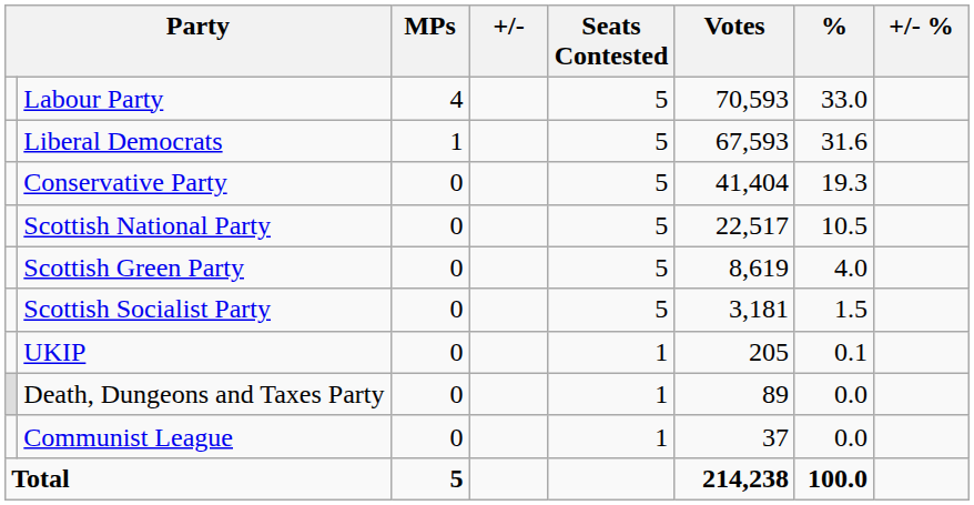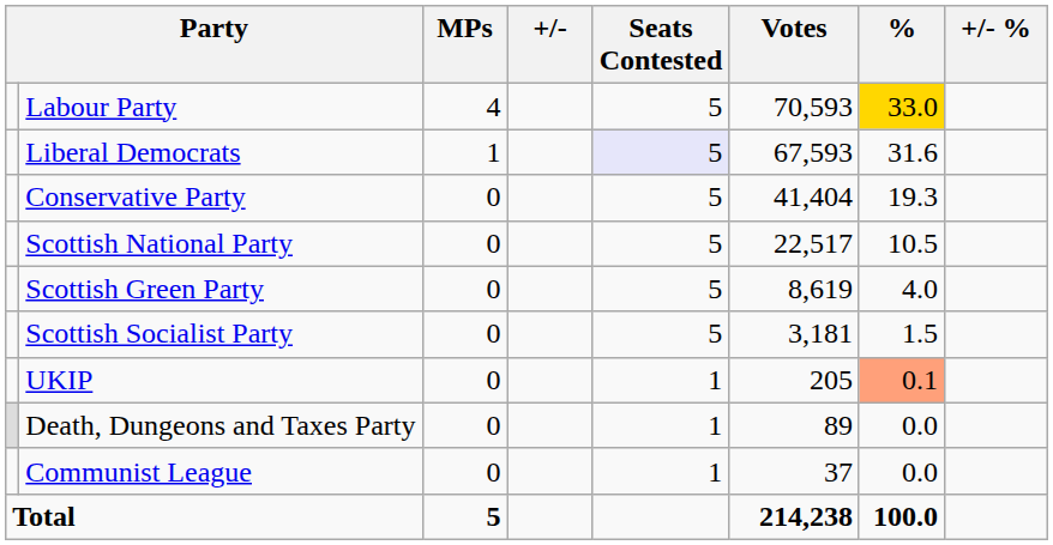 <table class="wikitable">
 <tr>
 <th colspan="2" rowspan="1" valign="top">Party</th>
 <th valign="top" width="40px">MPs</th>
 <th valign="top" width="40px">+/-</th>
 <th valign="top" width="40px">Seats Contested</th>
 <th valign="top" width="65px">Votes</th>
 <th valign="top" width="40px">%</th>
 <th valign="top" width="50px">+/- %</th>
 </tr>
 <tr>
 <td style="color:inherit;background:"></td>
 <td><a href='#'>Labour Party</a></td>
 <td align="right">4</td>
 <td align="right"></td>
 <td align="right">5</td>
 <td align="right">70,593</td>
-<td align="right">33.0</td>
+<td align="right" style="background: gold;">33.0</td>
 <td align="right"></td>
 </tr>
 <tr>
 <td style="color:inherit;background:"></td>
 <td><a href='#'>Liberal Democrats</a></td>
 <td align="right">1</td>
 <td align="right"></td>
-<td align="right">5</td>
+<td align="right" style="background: lavender;">5</td>
 <td align="right">67,593</td>
 <td align="right">31.6</td>
 <td align="right"></td>
 </tr>
 <tr>
 <td style="color:inherit;background:"></td>
 <td><a href='#'>Conservative Party</a></td>
 <td align="right">0</td>
 <td align="right"></td>
 <td align="right">5</td>
 <td align="right">41,404</td>
 <td align="right">19.3</td>
 <td align="right"></td>
 </tr>
 <tr>
 <td style="color:inherit;background:"></td>
 <td><a href='#'>Scottish National Party</a></td>
 <td align="right">0</td>
 <td align="right"></td>
 <td align="right">5</td>
 <td align="right">22,517</td>
 <td align="right">10.5</td>
 <td align="right"></td>
 </tr>
 <tr>
 <td style="color:inherit;background:"></td>
 <td><a href='#'>Scottish Green Party</a></td>
 <td align="right">0</td>
 <td align="right"></td>
 <td align="right">5</td>
 <td align="right">8,619</td>
 <td align="right">4.0</td>
 <td align="right"></td>
 </tr>
 <tr>
 <td style="color:inherit;background:"></td>
 <td><a href='#'>Scottish Socialist Party</a></td>
 <td align="right">0</td>
 <td align="right"></td>
 <td align="right">5</td>
 <td align="right">3,181</td>
 <td align="right">1.5</td>
 <td align="right"></td>
 </tr>
 <tr>
 <td style="color:inherit;background:"></td>
 <td><a href='#'>UKIP</a></td>
 <td align="right">0</td>
 <td align="right"></td>
 <td align="right">1</td>
 <td align="right">205</td>
-<td align="right">0.1</td>
+<td align="right" style="background: lightsalmon;">0.1</td>
 <td align="right"></td>
 </tr>
 <tr>
 <td style="color:inherit;background:#DDDDDD"></td>
 <td>Death, Dungeons and Taxes Party</td>
 <td align="right">0</td>
 <td align="right"></td>
 <td align="right">1</td>
 <td align="right">89</td>
 <td align="right">0.0</td>
 <td align="right"></td>
 </tr>
 <tr>
 <td style="color:inherit;background:"></td>
 <td><a href='#'>Communist League</a></td>
 <td align="right">0</td>
 <td align="right"></td>
 <td align="right">1</td>
 <td align="right">37</td>
 <td align="right">0.0</td>
 <td align="right"></td>
 </tr>
 <tr>
 <td colspan=2 align="left"><strong>Total</strong></td>
 <td align="right"><strong>5</strong></td>
 <td align="right"></td>
 <td align="right"></td>
 <td align="right"><strong>214,238</strong></td>
 <td align="right"><strong>100.0</strong></td>
 <td align="right"></td>
 </tr>
 </table>
